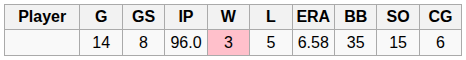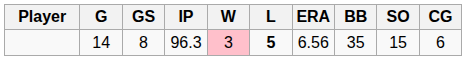 <table class="wikitable sortable">
 <tr>
 <th bgcolor="#DDDDFF" width="16%">Player</th>
 <th bgcolor="#DDDDFF" width="9%">G</th>
 <th bgcolor="#DDDDFF" width="9%">GS</th>
 <th bgcolor="#DDDDFF" width="9%">IP</th>
 <th bgcolor="#DDDDFF" width="9%">W</th>
 <th bgcolor="#DDDDFF" width="9%">L</th>
 <th bgcolor="#DDDDFF" width="9%">ERA</th>
 <th bgcolor="#DDDDFF" width="9%">BB</th>
 <th bgcolor="#DDDDFF" width="9%">SO</th>
 <th bgcolor="#DDDDFF" width="9%">CG</th>
 </tr>
 <tr align="center">
 <td></td>
 <td>14</td>
 <td>8</td>
-<td>96.0</td>
+<td>96.3</td>
 <td style="background: pink;">3</td>
-<td>5</td>
-<td>6.58</td>
+<td><strong>5</strong></td>
+<td>6.56</td>
 <td>35</td>
 <td>15</td>
 <td>6</td>
 </tr>
 </table>
